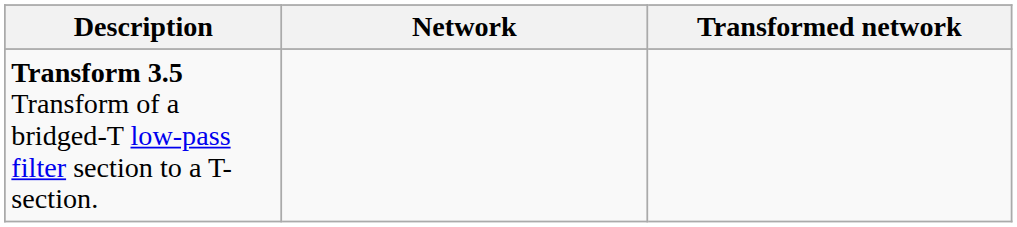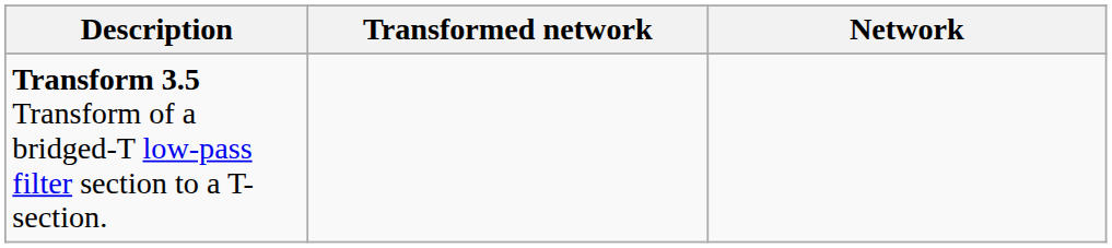 <table class="wikitable" style="text-align:left;" align="left">
 <tr style="text-align:center;">
 <th>Description</th>
+<th>Transformed network</th>
 <th>Network</th>
-<th>Transformed network</th>
 </tr>
 <tr valign="top">
 <td width="150px"><strong>Transform 3.5</strong><br>Transform of a bridged-T <a href='#'>low-pass filter</a> section to a T-section.</td>
 <td width="200px"></td>
 <td width="200px"></td>
 </tr>
 </table>
